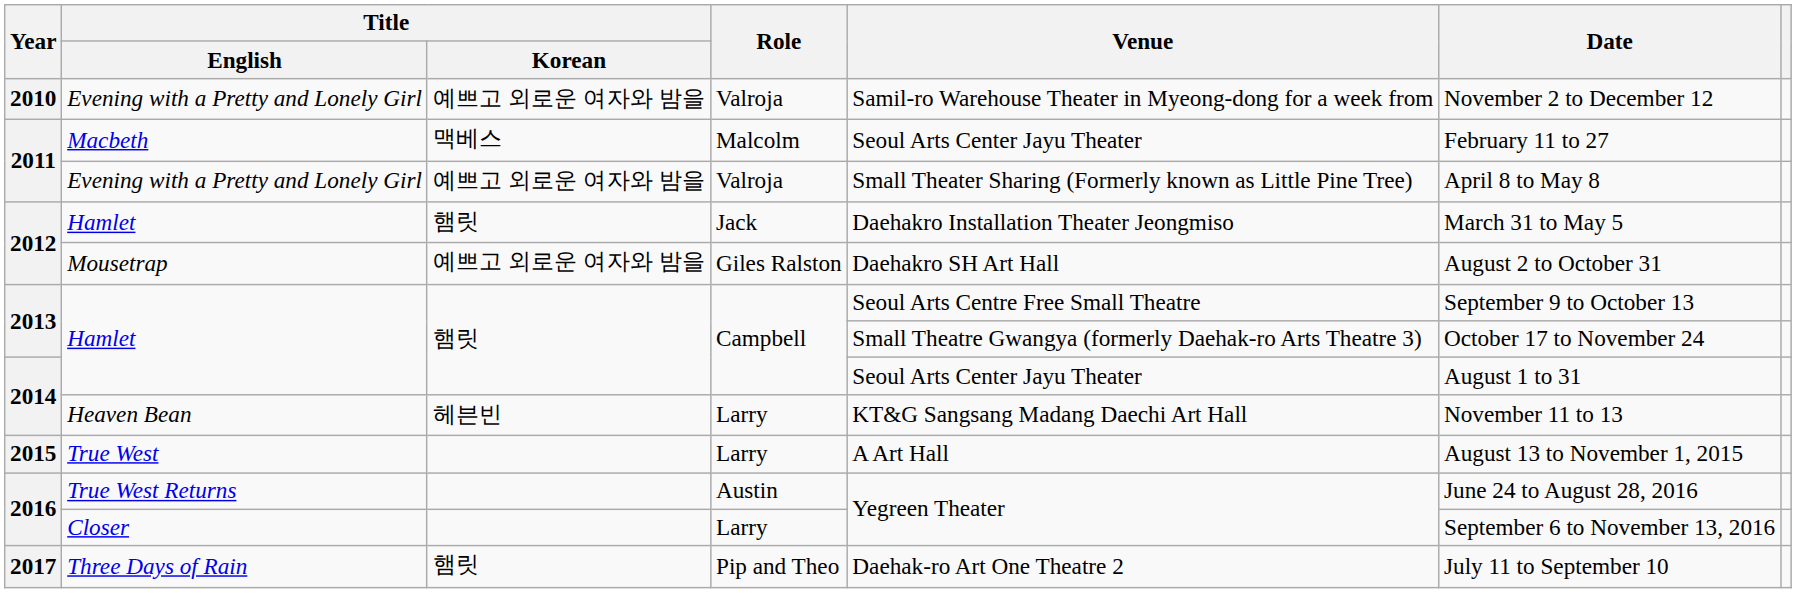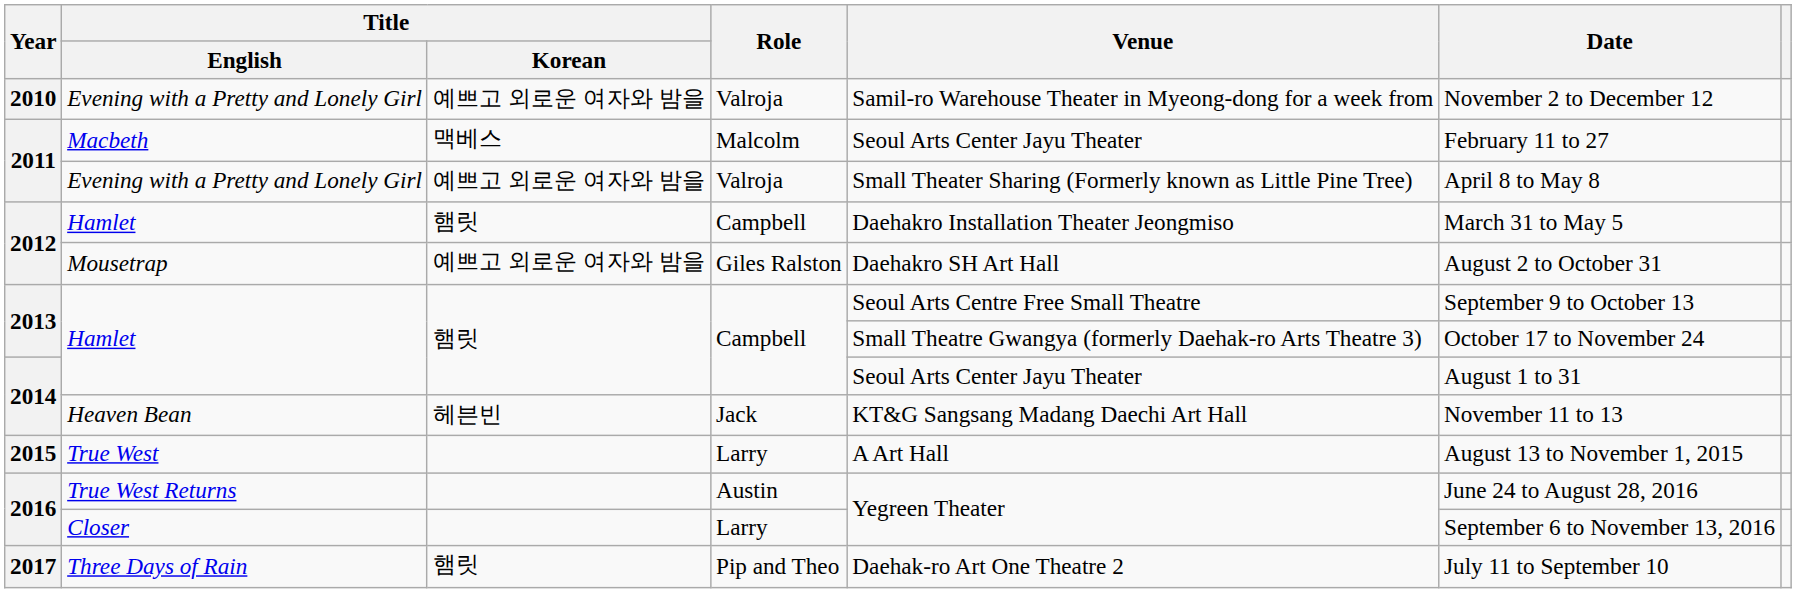 <table class="wikitable sortable plainrowheaders" style="text-align:left; font-size:100%;">
 <tr>
 <th scope="col" rowspan="2">Year</th>
 <th scope="col" colspan="2">Title</th>
 <th scope="col" rowspan="2">Role</th>
 <th scope="col" rowspan="2" class="unsortable">Venue</th>
 <th scope="col" rowspan="2">Date</th>
 <th rowspan="2" scope="col" class="unsortable"></th>
 </tr>
 <tr>
 <th>English</th>
 <th>Korean</th>
 </tr>
 <tr>
 <th scope="row">2010</th>
 <td><em>Evening with a Pretty and Lonely Girl</em></td>
 <td>예쁘고 외로운 여자와 밤을</td>
 <td>Valroja</td>
 <td>Samil-ro Warehouse Theater in Myeong-dong for a week from</td>
 <td>November 2 to December 12</td>
 <td></td>
 </tr>
 <tr>
 <th scope="row" rowspan="2">2011</th>
 <td><em><a href='#'>Macbeth</a></em></td>
 <td>맥베스</td>
 <td>Malcolm</td>
 <td>Seoul Arts Center Jayu Theater</td>
 <td>February 11 to 27</td>
 <td></td>
 </tr>
 <tr>
 <td><em>Evening with a Pretty and Lonely Girl</em></td>
 <td>예쁘고 외로운 여자와 밤을</td>
 <td>Valroja</td>
 <td>Small Theater Sharing (Formerly known as Little Pine Tree)</td>
 <td>April 8 to May 8</td>
 <td></td>
 </tr>
 <tr>
 <th scope="row" rowspan="2">2012</th>
 <td><em><a href='#'>Hamlet</a></em></td>
 <td>햄릿</td>
-<td>Jack</td>
+<td>Campbell</td>
 <td>Daehakro Installation Theater Jeongmiso</td>
 <td>March 31 to May 5</td>
 <td></td>
 </tr>
 <tr>
 <td><em>Mousetrap</em></td>
 <td>예쁘고 외로운 여자와 밤을</td>
 <td>Giles Ralston</td>
 <td>Daehakro SH Art Hall</td>
 <td>August 2 to October 31</td>
 <td></td>
 </tr>
 <tr>
 <th scope="row" rowspan="2">2013</th>
 <td rowspan="3"><em><a href='#'>Hamlet</a></em></td>
 <td rowspan="3">햄릿</td>
 <td rowspan="3">Campbell</td>
 <td>Seoul Arts Centre Free Small Theatre</td>
 <td>September 9 to October 13</td>
 <td></td>
 </tr>
 <tr>
 <td>Small Theatre Gwangya (formerly Daehak-ro Arts Theatre 3)</td>
 <td>October 17 to November 24</td>
 <td></td>
 </tr>
 <tr>
 <th scope="row" rowspan="2">2014</th>
 <td>Seoul Arts Center Jayu Theater</td>
 <td>August 1 to 31</td>
 <td></td>
 </tr>
 <tr>
 <td><em>Heaven Bean</em></td>
 <td>헤븐빈</td>
-<td>Larry</td>
+<td>Jack</td>
 <td>KT&G Sangsang Madang Daechi Art Hall</td>
 <td>November 11 to 13</td>
 <td></td>
 </tr>
 <tr>
 <th scope="row">2015</th>
 <td><em><a href='#'>True West</a></em></td>
 <td></td>
 <td>Larry</td>
 <td>A Art Hall</td>
 <td>August 13 to November 1, 2015</td>
 <td></td>
 </tr>
 <tr>
 <th rowspan="2" scope="row">2016</th>
 <td><em><a href='#'>True West Returns</a></em></td>
 <td></td>
 <td>Austin</td>
 <td rowspan="2">Yegreen Theater</td>
 <td>June 24 to August 28, 2016</td>
 <td></td>
 </tr>
 <tr>
 <td><em><a href='#'>Closer</a></em></td>
 <td></td>
 <td>Larry</td>
 <td>September 6 to November 13, 2016</td>
 <td></td>
 </tr>
 <tr>
 <th scope="row">2017</th>
 <td><em><a href='#'>Three Days of Rain</a></em></td>
 <td>햄릿</td>
 <td>Pip and Theo</td>
 <td>Daehak-ro Art One Theatre 2</td>
 <td>July 11 to September 10</td>
 <td></td>
 </tr>
 </table>
